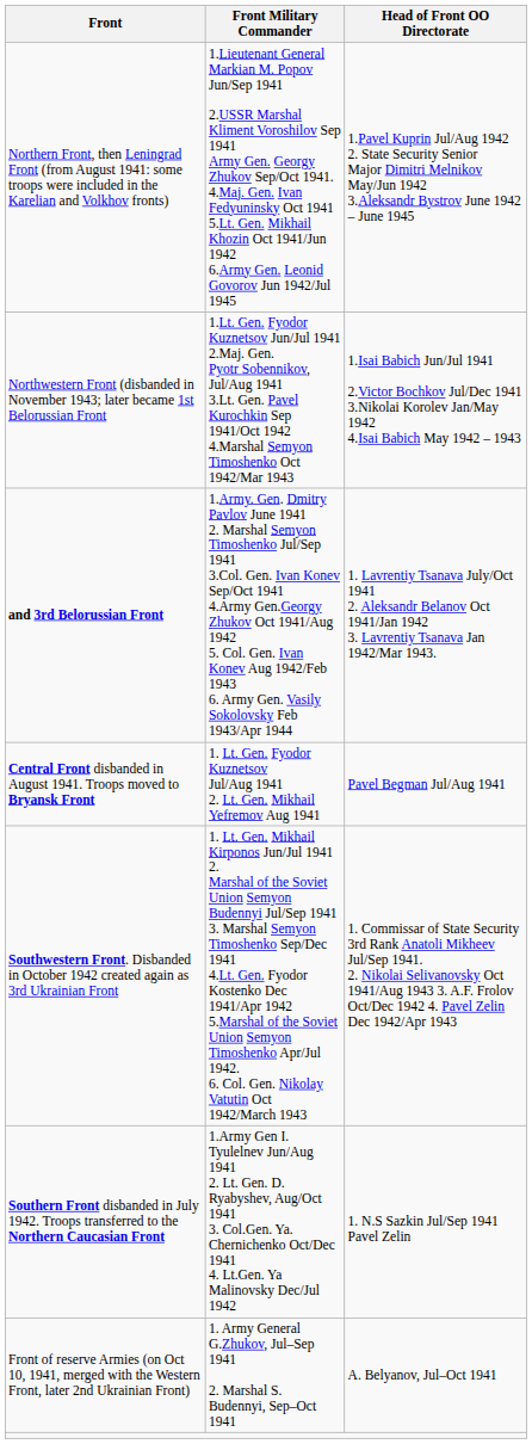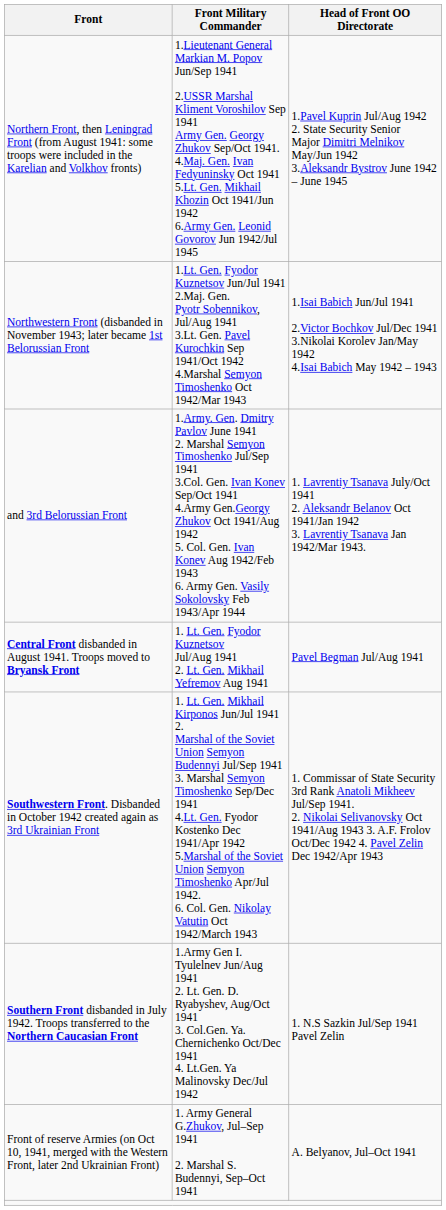 <table class="wikitable">
 <tr>
 <th>Front</th>
 <th>Front Military Commander</th>
 <th>Head of Front OO Directorate</th>
 </tr>
 <tr>
 <td><a href='#'>Northern Front</a>, then <a href='#'>Leningrad Front</a> (from August 1941: some troops were included in the <a href='#'>Karelian</a> and <a href='#'>Volkhov</a> fronts)</td>
 <td>1.<a href='#'>Lieutenant General Markian M. Popov</a> Jun/Sep 1941<br><br>2.<a href='#'>USSR Marshal</a> <a href='#'>Kliment Voroshilov</a> Sep 1941<br>  <a href='#'>Army Gen.</a> <a href='#'>Georgy Zhukov</a> Sep/Oct 1941.<br>4.<a href='#'>Maj. Gen.</a> <a href='#'>Ivan Fedyuninsky</a> Oct 1941 <br>5.<a href='#'>Lt. Gen.</a> <a href='#'>Mikhail Khozin</a> Oct 1941/Jun 1942<br>  6.<a href='#'>Army Gen.</a>  <a href='#'>Leonid Govorov</a> Jun 1942/Jul 1945</td>
 <td>1.<a href='#'>Pavel Kuprin</a> Jul/Aug 1942<br>2. State Security Senior<br>Major <a href='#'>Dimitri Melnikov</a> May/Jun 1942<br>3.<a href='#'>Aleksandr Bystrov</a> June 1942 – June 1945</td>
 </tr>
 <tr>
 <td><a href='#'>Northwestern Front</a> (disbanded in November 1943; later became <a href='#'>1st Belorussian Front</a></td>
 <td>1.<a href='#'>Lt. Gen.</a> <a href='#'>Fyodor Kuznetsov</a> Jun/Jul 1941<br> 2.Maj. Gen.<br><a href='#'>Pyotr Sobennikov</a>, Jul/Aug 1941<br> 3.Lt. Gen. <a href='#'>Pavel Kurochkin</a> Sep 1941/Oct 1942<br> 4.Marshal <a href='#'>Semyon Timoshenko</a> Oct 1942/Mar 1943<br></td>
 <td>1.<a href='#'>Isai Babich</a> Jun/Jul 1941<br><br>2.<a href='#'>Victor Bochkov</a> Jul/Dec 1941 <br> 3.Nikolai Korolev Jan/May 1942 <br> 4.<a href='#'>Isai Babich</a> May 1942 – 1943</td>
 </tr>
 <tr>
-<td><strong>and <a href='#'>3rd Belorussian Front</a></strong></td>
+<td>and <a href='#'>3rd Belorussian Front</a></td>
 <td>1.<a href='#'>Army. Gen</a>. <a href='#'>Dmitry Pavlov</a> June 1941<br> 2. Marshal <a href='#'>Semyon Timoshenko</a> Jul/Sep 1941<br> 3.Col. Gen. <a href='#'>Ivan Konev</a> Sep/Oct 1941<br> 4.Army Gen.<a href='#'>Georgy Zhukov</a> Oct 1941/Aug 1942<br> 5. Col. Gen. <a href='#'>Ivan Konev</a> Aug 1942/Feb 1943<br> 6. Army Gen. <a href='#'>Vasily Sokolovsky</a> Feb 1943/Apr 1944</td>
 <td>1. <a href='#'>Lavrentiy Tsanava</a> July/Oct 1941<br> 2. <a href='#'>Aleksandr Belanov</a> Oct 1941/Jan 1942<br> 3. <a href='#'>Lavrentiy Tsanava</a> Jan 1942/Mar 1943.</td>
 </tr>
 <tr>
 <td><strong><a href='#'>Central Front</a></strong> disbanded in August 1941. Troops moved to <strong><a href='#'>Bryansk Front</a></strong></td>
 <td>1. <a href='#'>Lt. Gen.</a> <a href='#'>Fyodor Kuznetsov</a><br> Jul/Aug 1941<br>2. <a href='#'>Lt. Gen.</a> <a href='#'>Mikhail Yefremov</a> Aug 1941</td>
 <td><a href='#'>Pavel Begman</a> Jul/Aug 1941</td>
 </tr>
 <tr>
 <td><strong><a href='#'>Southwestern Front</a></strong>. Disbanded in October 1942 created again as <a href='#'>3rd Ukrainian Front</a></td>
 <td>1. <a href='#'>Lt. Gen.</a> <a href='#'>Mikhail Kirponos</a> Jun/Jul 1941<br>2.<br><a href='#'>Marshal of the Soviet Union</a> <a href='#'>Semyon Budennyi</a> Jul/Sep 1941<br>3. Marshal <a href='#'>Semyon Timoshenko</a> Sep/Dec 1941<br>4.<a href='#'>Lt. Gen.</a> Fyodor Kostenko Dec 1941/Apr 1942<br> 5.<a href='#'>Marshal of the Soviet Union</a> <a href='#'>Semyon Timoshenko</a> Apr/Jul 1942.<br>6. Col. Gen. <a href='#'>Nikolay Vatutin</a> Oct 1942/March 1943</td>
 <td>1. Commissar of State Security 3rd Rank <a href='#'>Anatoli Mikheev</a> Jul/Sep 1941.<br> 2. <a href='#'>Nikolai Selivanovsky</a> Oct 1941/Aug 1943 3. A.F. Frolov Oct/Dec 1942 4. <a href='#'>Pavel Zelin</a> Dec 1942/Apr 1943</td>
 </tr>
 <tr>
 <td><strong><a href='#'>Southern Front</a></strong> disbanded in July 1942. Troops transferred to the <strong><a href='#'>Northern Caucasian Front</a></strong></td>
 <td>1.Army Gen I. Tyulelnev Jun/Aug 1941<br>2. Lt. Gen. D. Ryabyshev, Aug/Oct 1941<br>3. Col.Gen. Ya. Chernichenko Oct/Dec 1941<br>4. Lt.Gen. Ya Malinovsky Dec/Jul 1942</td>
 <td><br>1. N.S Sazkin Jul/Sep 1941<br> Pavel Zelin</td>
 </tr>
 <tr>
 <td>Front of reserve Armies (on Oct 10, 1941, merged with the Western Front, later 2nd Ukrainian Front)</td>
 <td>1. Army General G.<a href='#'>Zhukov</a>, Jul–Sep 1941<br><br>2. Marshal S. Budennyi, Sep–Oct 1941</td>
 <td>A. Belyanov, Jul–Oct 1941</td>
 </tr>
 <tr>
 <td colspan="3"></td>
 </tr>
 </table>
